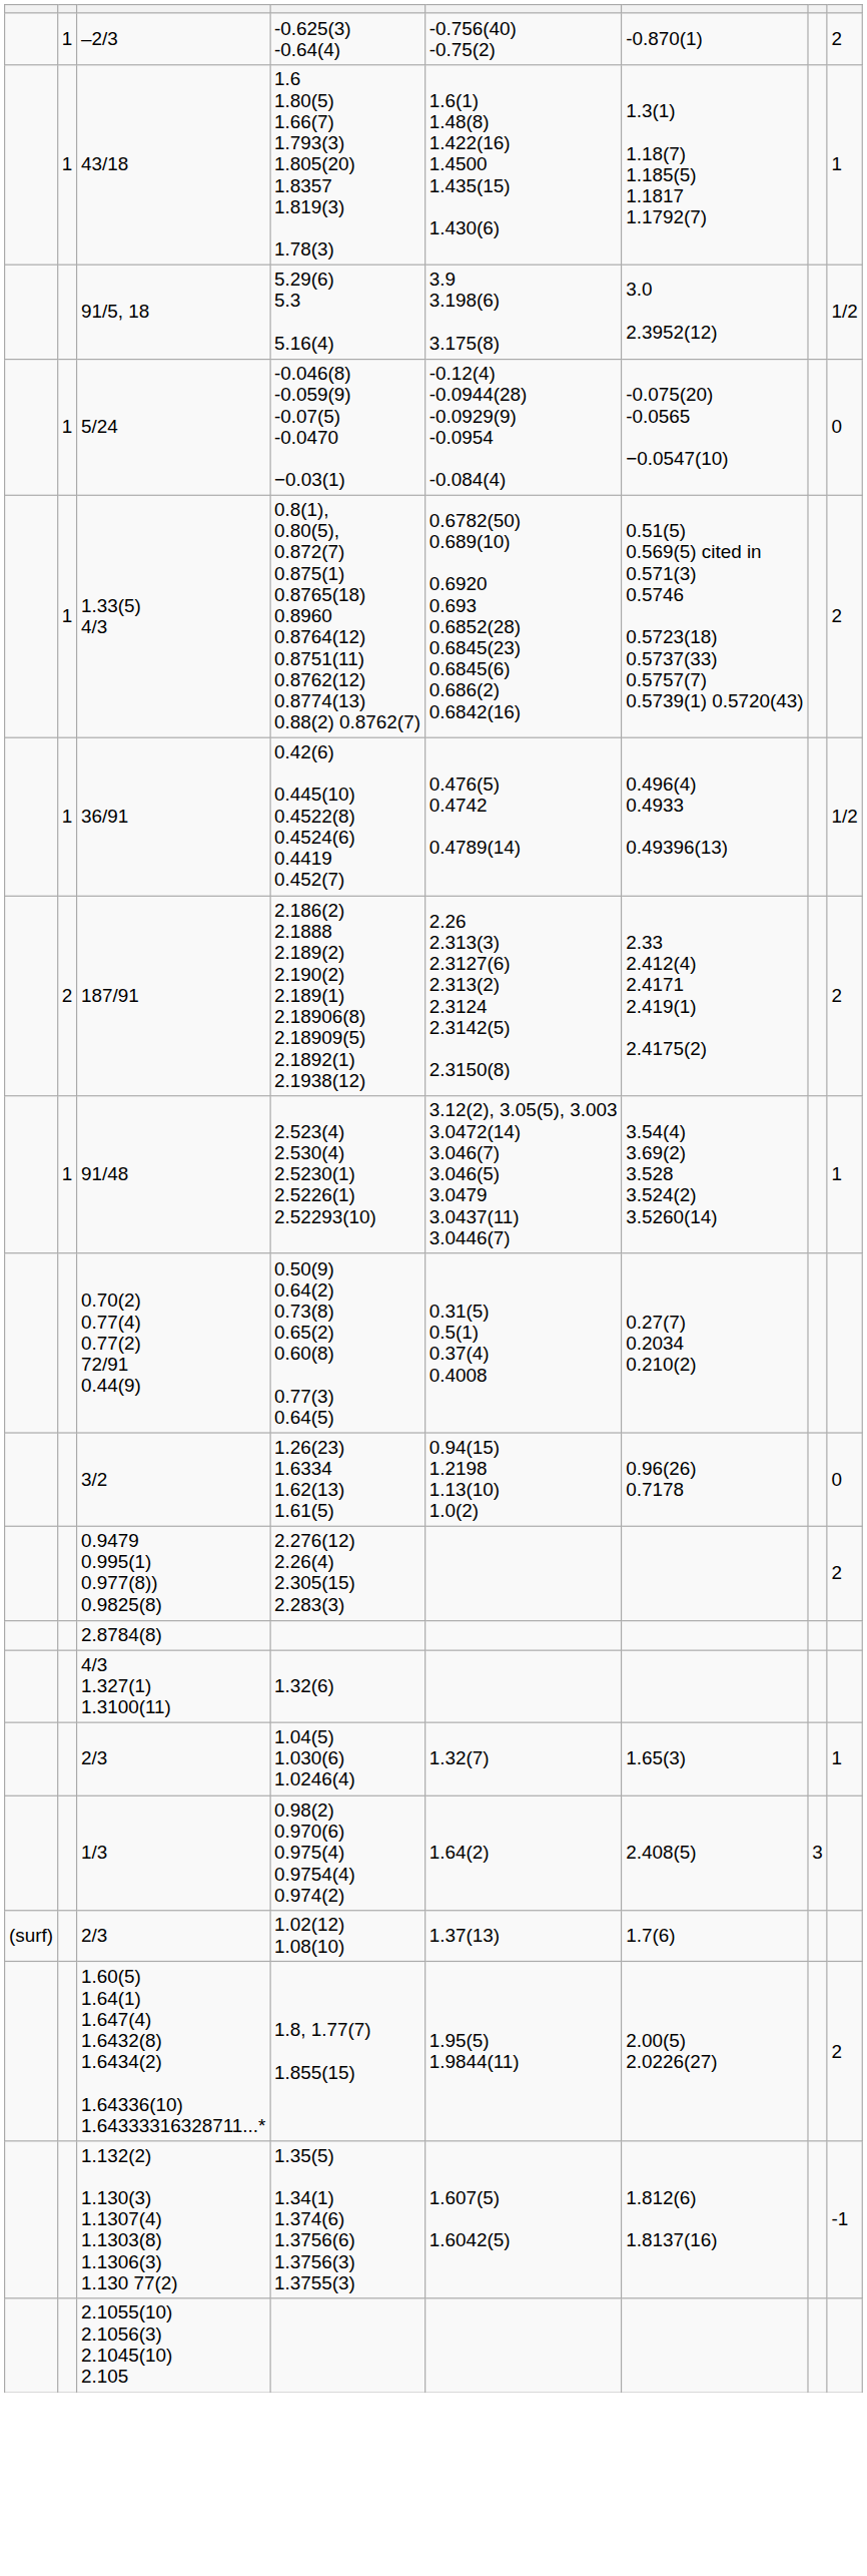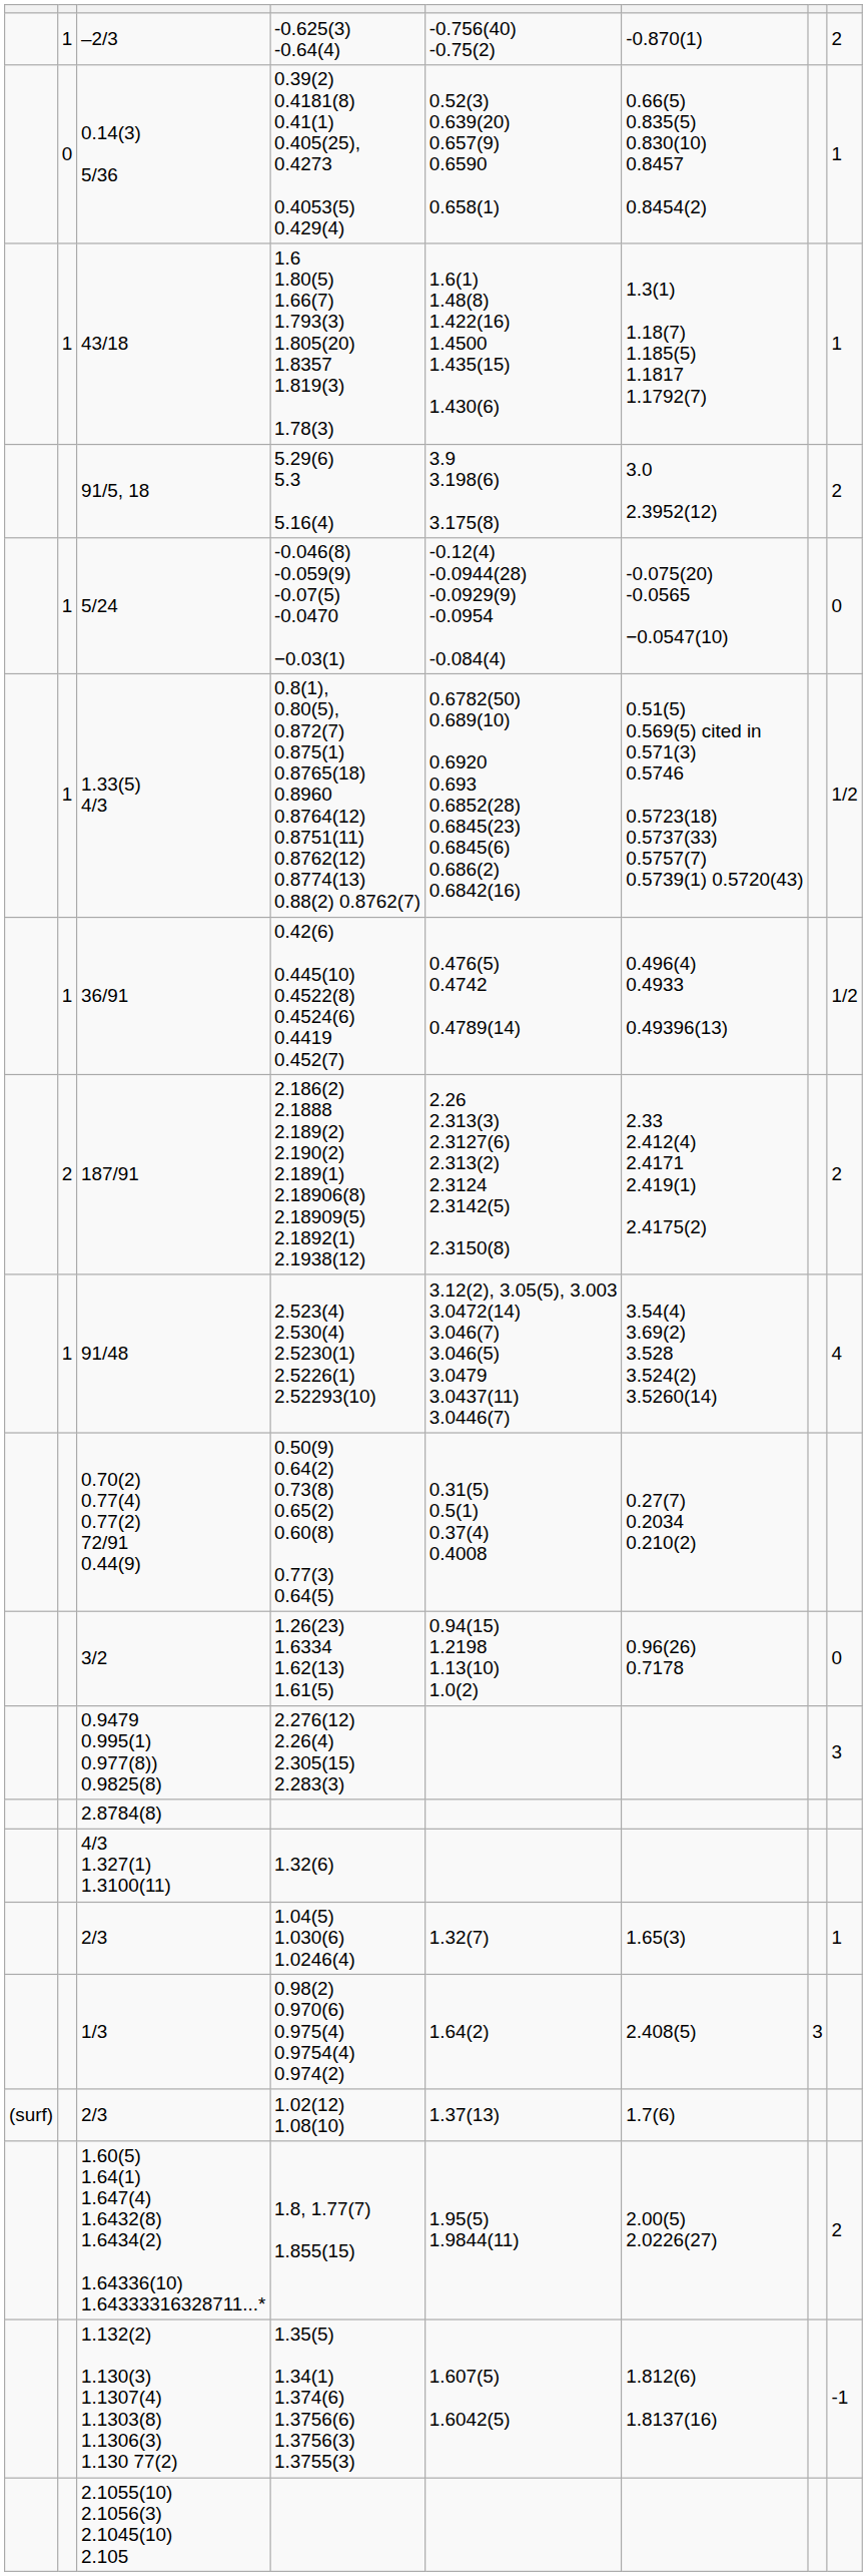 <table class="wikitable">
 <tr>
 <th></th>
 <th></th>
 <th></th>
 <th></th>
 <th></th>
 <th></th>
 <th></th>
 <th></th>
 </tr>
 <tr>
 <td></td>
 <td>1</td>
 <td>–2/3</td>
 <td>-0.625(3) <br> -0.64(4)</td>
 <td>-0.756(40) <br> -0.75(2)</td>
 <td>-0.870(1)</td>
 <td></td>
 <td>2</td>
 </tr>
 <tr>
 <td></td>
+<td>0</td>
+<td>0.14(3) <br><br>5/36</td>
+<td>0.39(2) <br> 0.4181(8) <br> 0.41(1) <br> 0.405(25), <br> 0.4273 <br><br>0.4053(5)<br> 0.429(4) </td>
+<td>0.52(3) <br> 0.639(20)<br> 0.657(9)<br> 0.6590 <br><br>0.658(1) </td>
+<td>0.66(5) <br> 0.835(5)<br> 0.830(10)<br>0.8457 <br><br>0.8454(2)</td>
+<td></td>
+<td>1</td>
+</tr>
+<tr>
+<td></td>
 <td>1</td>
 <td>43/18</td>
 <td>1.6 <br> 1.80(5)   <br> 1.66(7)  <br> 1.793(3) <br> 1.805(20) <br>1.8357 <br>1.819(3)<br><br>1.78(3)</td>
 <td>1.6(1)  <br>1.48(8)<br>1.422(16) <br>1.4500<br>1.435(15)<br><br>1.430(6)</td>
 <td>1.3(1)<br><br>1.18(7)<br> 1.185(5) <br>1.1817<br> 1.1792(7) </td>
 <td></td>
 <td>1</td>
 </tr>
 <tr>
 <td></td>
 <td></td>
 <td>91/5, 18 </td>
 <td>5.29(6)  <br> 5.3  <br><br>5.16(4) </td>
 <td>3.9 <br> 3.198(6) <br><br>3.175(8) </td>
 <td>3.0 <br><br>2.3952(12) </td>
 <td></td>
-<td>1/2</td>
+<td>2</td>
 </tr>
 <tr>
 <td></td>
 <td>1</td>
 <td>5/24</td>
 <td>-0.046(8) <br>-0.059(9) <br> -0.07(5) <br>-0.0470 <br><br>−0.03(1)</td>
 <td>-0.12(4)<br> -0.0944(28) <br>-0.0929(9)<br>-0.0954<br><br>-0.084(4)</td>
 <td>-0.075(20) <br>-0.0565<br><br>−0.0547(10)</td>
 <td></td>
 <td>0</td>
 </tr>
 <tr>
 <td></td>
 <td>1</td>
 <td>1.33(5)  <br>4/3</td>
 <td>0.8(1), <br> 0.80(5), <br> 0.872(7) <br> 0.875(1) <br> 0.8765(18) <br> 0.8960 <br> 0.8764(12) <br> 0.8751(11)  <br> 0.8762(12) <br> 0.8774(13) <br> 0.88(2) 0.8762(7) </td>
 <td>0.6782(50) <br> 0.689(10) <br><br>0.6920  <br> 0.693  <br> 0.6852(28)  <br> 0.6845(23)  <br> 0.6845(6)<br> 0.686(2)  <br>  0.6842(16)</td>
 <td>0.51(5)   <br> 0.569(5) cited in <br> 0.571(3)  <br> 0.5746  <br><br>0.5723(18)  <br> 0.5737(33)   <br> 0.5757(7)  <br> 0.5739(1)   0.5720(43)</td>
 <td></td>
-<td>2</td>
+<td>1/2</td>
 </tr>
 <tr>
 <td></td>
 <td>1</td>
 <td>36/91</td>
 <td>0.42(6)  <br><br>0.445(10)  <br> 0.4522(8) <br>0.4524(6) <br>0.4419<br> 0.452(7) </td>
 <td>0.476(5) <br>0.4742<br><br>0.4789(14) </td>
 <td>0.496(4) <br>0.4933<br><br>0.49396(13) </td>
 <td></td>
 <td>1/2</td>
 </tr>
 <tr>
 <td></td>
 <td>2</td>
 <td>187/91</td>
 <td>2.186(2) <br>2.1888 <br> 2.189(2)  <br> 2.190(2)  <br> 2.189(1)  <br> 2.18906(8) <br> 2.18909(5)<br>2.1892(1) <br> 2.1938(12) </td>
 <td>2.26<br> 2.313(3) <br> 2.3127(6) <br> 2.313(2)<br>2.3124<br> 2.3142(5)<br><br>2.3150(8) </td>
 <td>2.33<br>2.412(4)<br>2.4171<br> 2.419(1)<br><br>2.4175(2) </td>
 <td></td>
 <td>2</td>
 </tr>
 <tr>
 <td></td>
 <td>1</td>
 <td>91/48</td>
 <td>2.523(4) <br> 2.530(4) <br> 2.5230(1) <br> 2.5226(1) <br> 2.52293(10) </td>
 <td>3.12(2), 3.05(5), 3.003  <br> 3.0472(14) <br> 3.046(7) <br> 3.046(5) <br>3.0479 <br> 3.0437(11) <br>3.0446(7) <br></td>
 <td>3.54(4) <br> 3.69(2) <br> 3.528  <br> 3.524(2) <br> 3.5260(14)</td>
 <td></td>
-<td>1</td>
+<td>4</td>
 </tr>
 <tr>
 <td></td>
 <td></td>
 <td>0.70(2)  <br> 0.77(4) <br> 0.77(2) <br> 72/91 <br> 0.44(9) </td>
 <td>0.50(9)  <br> 0.64(2)  <br> 0.73(8)  <br> 0.65(2)  <br> 0.60(8)  <br><br>0.77(3)  <br> 0.64(5)</td>
 <td>0.31(5)  <br> 0.5(1)  <br> 0.37(4)  <br> 0.4008  <br></td>
 <td>0.27(7)  <br> 0.2034 <br> 0.210(2) <br></td>
 <td></td>
 <td></td>
 </tr>
 <tr>
 <td></td>
 <td></td>
 <td>3/2 </td>
 <td>1.26(23)  <br> 1.6334 <br> 1.62(13) <br> 1.61(5)</td>
 <td>0.94(15)  <br> 1.2198 <br> 1.13(10)  <br> 1.0(2) </td>
 <td>0.96(26)  <br> 0.7178</td>
 <td> </td>
 <td>0</td>
 </tr>
 <tr>
 <td></td>
 <td></td>
 <td>0.9479  <br> 0.995(1) <br> 0.977(8)) <br> 0.9825(8) </td>
 <td>2.276(12)  <br>2.26(4)  <br> 2.305(15)  <br> 2.283(3) </td>
 <td></td>
 <td></td>
 <td></td>
-<td>2 </td>
+<td>3</td>
 </tr>
 <tr>
 <td></td>
 <td></td>
 <td>2.8784(8) </td>
 <td></td>
 <td></td>
 <td></td>
 <td></td>
 <td></td>
 </tr>
 <tr>
 <td></td>
 <td></td>
 <td>4/3 <br> 1.327(1)  <br> 1.3100(11) </td>
 <td>1.32(6) <br></td>
 <td></td>
 <td></td>
 <td></td>
 <td></td>
 </tr>
 <tr>
 <td></td>
 <td></td>
 <td>2/3 </td>
 <td>1.04(5)<br>1.030(6)  <br> 1.0246(4) </td>
 <td>1.32(7)</td>
 <td>1.65(3) </td>
 <td> </td>
 <td>1</td>
 </tr>
 <tr>
 <td></td>
 <td></td>
 <td>1/3 </td>
 <td>0.98(2)<br> 0.970(6)<br> 0.975(4)  <br> 0.9754(4)  <br> 0.974(2)</td>
 <td>1.64(2) </td>
 <td>2.408(5) </td>
 <td>3</td>
 <td></td>
 </tr>
 <tr>
 <td> (surf)</td>
 <td></td>
 <td>2/3  </td>
 <td>1.02(12) <br> 1.08(10)</td>
 <td>1.37(13) </td>
 <td>1.7(6) </td>
 <td></td>
 <td></td>
 </tr>
 <tr>
 <td></td>
 <td></td>
 <td>1.60(5) <br> 1.64(1) <br> 1.647(4) <br> 1.6432(8) <br> 1.6434(2) <br><br>1.64336(10)  <br> 1.64333316328711...* </td>
 <td>1.8, 1.77(7)<br><br>1.855(15)<br></td>
 <td>1.95(5) <br> 1.9844(11) </td>
 <td>2.00(5) <br> 2.0226(27) </td>
 <td></td>
 <td>2</td>
 </tr>
 <tr>
 <td></td>
 <td></td>
 <td>1.132(2)<br><br>1.130(3) <br> 1.1307(4) <br>1.1303(8)<br> 1.1306(3) <br> 1.130 77(2) <br></td>
 <td>1.35(5)<br><br>1.34(1) <br> 1.374(6)<br>  1.3756(6) <br>  1.3756(3)  <br> 1.3755(3) </td>
 <td>1.607(5) <br><br>1.6042(5) </td>
 <td>1.812(6) <br><br>1.8137(16) </td>
 <td></td>
 <td>-1</td>
 </tr>
 <tr>
 <td></td>
 <td></td>
 <td>2.1055(10)<br> 2.1056(3)<br>2.1045(10)<br>2.105<br></td>
 <td></td>
 <td></td>
 <td></td>
 <td></td>
 <td></td>
 </tr>
 </table>
